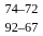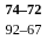 <table style="text-align:center">
 <tr>
 <th width=200></th>
 <th width=100></th>
 <th width=200></th>
 <th></th>
 </tr>
 <tr>
 <td align=right><strong></strong></td>
-<td>74–72</td>
+<td><strong>74–72</strong></td>
 <td align=left></td>
 </tr>
 <tr>
 <td align=right><strong></strong></td>
 <td>92–67</td>
 <td align=left></td>
 </tr>
 </table>
